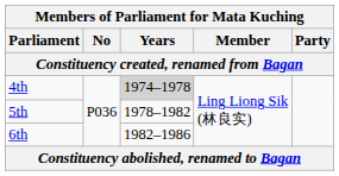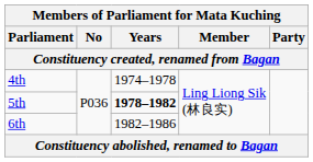 <table class=wikitable>
 <tr>
 <th colspan="5">Members of Parliament for Mata Kuching</th>
 </tr>
 <tr>
 <th>Parliament</th>
 <th>No</th>
 <th>Years</th>
 <th>Member</th>
 <th>Party</th>
 </tr>
 <tr>
 <th colspan="5" align="center"><em>Constituency created, renamed from <a href='#'>Bagan</a></em></th>
 </tr>
 <tr>
 <td><a href='#'>4th</a></td>
 <td rowspan="3">P036</td>
-<td style="background: lightgrey;">1974–1978</td>
+<td>1974–1978</td>
 <td rowspan="3"><a href='#'>Ling Liong Sik</a> <br> (林良实)</td>
 <td rowspan="3"></td>
 </tr>
 <tr>
 <td><a href='#'>5th</a></td>
-<td>1978–1982</td>
+<td><strong>1978–1982</strong></td>
 </tr>
 <tr>
 <td><a href='#'>6th</a></td>
 <td>1982–1986</td>
 </tr>
 <tr>
 <th colspan="5" align="center"><em>Constituency abolished, renamed to <a href='#'>Bagan</a></em></th>
 </tr>
 </table>
